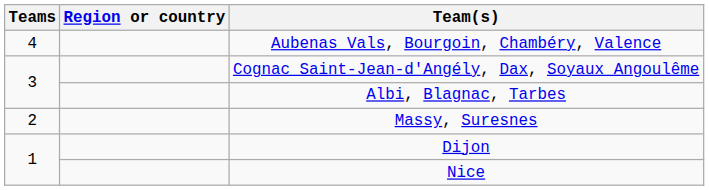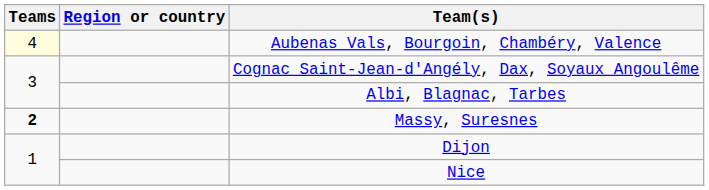 <table class="wikitable" style="text-align:center">
 <tr>
 <th>Teams</th>
 <th><a href='#'>Region</a> or country</th>
 <th>Team(s)</th>
 </tr>
 <tr>
-<td rowspan="1">4</td>
+<td rowspan="1" style="background: lightyellow;">4</td>
 <td align="left"></td>
 <td><a href='#'>Aubenas Vals</a>, <a href='#'>Bourgoin</a>, <a href='#'>Chambéry</a>, <a href='#'>Valence</a></td>
 </tr>
 <tr>
 <td rowspan="2">3</td>
 <td align="left"></td>
 <td><a href='#'>Cognac Saint-Jean-d'Angély</a>, <a href='#'>Dax</a>, <a href='#'>Soyaux Angoulême</a></td>
 </tr>
 <tr>
 <td align="left"></td>
 <td><a href='#'>Albi</a>, <a href='#'>Blagnac</a>, <a href='#'>Tarbes</a></td>
 </tr>
 <tr>
-<td rowspan="1">2</td>
+<td rowspan="1"><strong>2</strong></td>
 <td align="left"></td>
 <td><a href='#'>Massy</a>, <a href='#'>Suresnes</a></td>
 </tr>
 <tr>
 <td rowspan="2">1</td>
 <td align="left"></td>
 <td><a href='#'>Dijon</a></td>
 </tr>
 <tr>
 <td align="left"></td>
 <td><a href='#'>Nice</a></td>
 </tr>
 </table>
